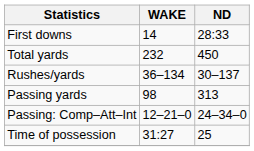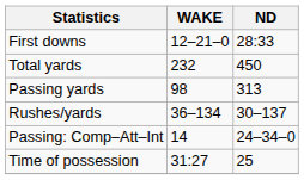 <table class="wikitable" style="float: left;">
 <tr>
 <th>Statistics</th>
 <th>WAKE</th>
 <th>ND</th>
 </tr>
 <tr>
 <td>First downs</td>
-<td>14</td>
+<td>12–21–0</td>
 <td>28:33</td>
 </tr>
 <tr>
 <td>Total yards</td>
 <td>232</td>
 <td>450</td>
 </tr>
 <tr>
+<td>Passing yards</td>
+<td>98</td>
+<td>313</td>
+</tr>
+<tr>
 <td>Rushes/yards</td>
 <td>36–134</td>
 <td>30–137</td>
 </tr>
 <tr>
-<td>Passing yards</td>
-<td>98</td>
-<td>313</td>
-</tr>
-<tr>
 <td>Passing: Comp–Att–Int</td>
-<td>12–21–0</td>
+<td>14</td>
 <td>24–34–0</td>
 </tr>
 <tr>
 <td>Time of possession</td>
 <td>31:27</td>
 <td>25</td>
 </tr>
 <tr>
 </tr>
 </table>
